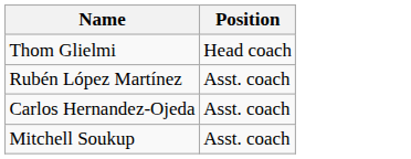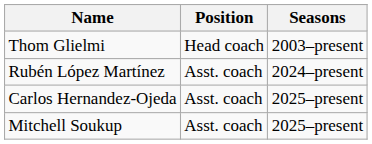 <table class="wikitable">
 <tr>
 <th>Name</th>
 <th>Position</th>
+<th>Seasons</th>
 </tr>
 <tr>
 <td>Thom Glielmi</td>
 <td>Head coach</td>
+<td>2003–present</td>
 </tr>
 <tr>
 <td>Rubén López Martínez</td>
 <td>Asst. coach</td>
+<td>2024–present</td>
 </tr>
 <tr>
 <td>Carlos Hernandez-Ojeda</td>
 <td>Asst. coach</td>
+<td>2025–present</td>
 </tr>
 <tr>
 <td>Mitchell Soukup</td>
 <td>Asst. coach</td>
+<td>2025–present</td>
 </tr>
 </table>
